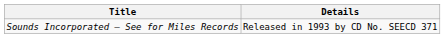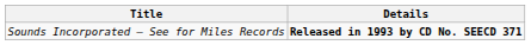 <table class="wikitable">
 <tr>
 <th>Title</th>
 <th>Details</th>
 </tr>
 <tr>
 <td><em>Sounds Incorporated – See for Miles Records</em></td>
-<td>Released in 1993 by CD No. SEECD 371</td>
+<td><strong>Released in 1993 by CD No. SEECD 371</strong></td>
 </tr>
 </table>
